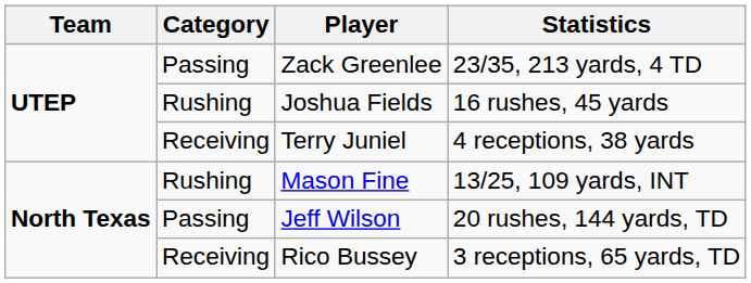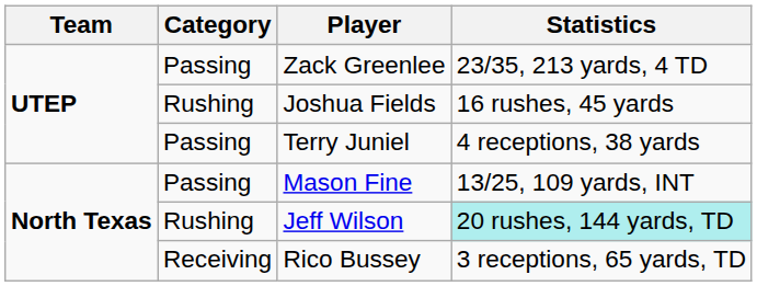 <table class="wikitable" style="float: left;">
 <tr>
 <th>Team</th>
 <th>Category</th>
 <th>Player</th>
 <th>Statistics</th>
 </tr>
 <tr>
 <td rowspan=3><strong>UTEP</strong></td>
 <td>Passing</td>
 <td>Zack Greenlee</td>
 <td>23/35, 213 yards, 4 TD</td>
 </tr>
 <tr>
 <td>Rushing</td>
 <td>Joshua Fields</td>
 <td>16 rushes, 45 yards</td>
 </tr>
 <tr>
-<td>Receiving</td>
+<td>Passing</td>
 <td>Terry Juniel</td>
 <td>4 receptions, 38 yards</td>
 </tr>
 <tr>
 <td rowspan=3><strong>North Texas</strong></td>
-<td>Rushing</td>
+<td>Passing</td>
 <td><a href='#'>Mason Fine</a></td>
 <td>13/25, 109 yards, INT</td>
 </tr>
 <tr>
-<td>Passing</td>
+<td>Rushing</td>
 <td><a href='#'>Jeff Wilson</a></td>
-<td>20 rushes, 144 yards, TD</td>
+<td style="background: paleturquoise;">20 rushes, 144 yards, TD</td>
 </tr>
 <tr>
 <td>Receiving</td>
 <td>Rico Bussey</td>
 <td>3 receptions, 65 yards, TD</td>
 </tr>
 </table>
